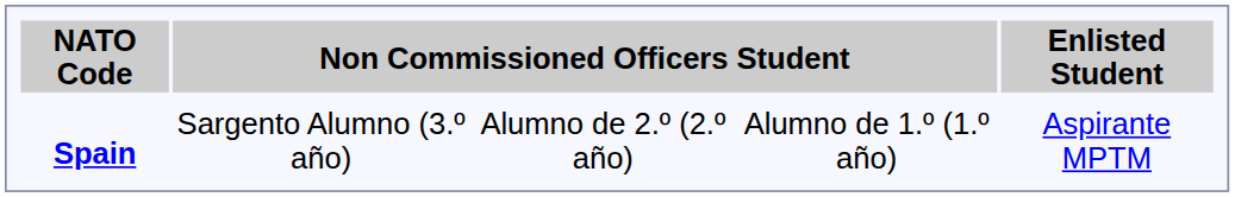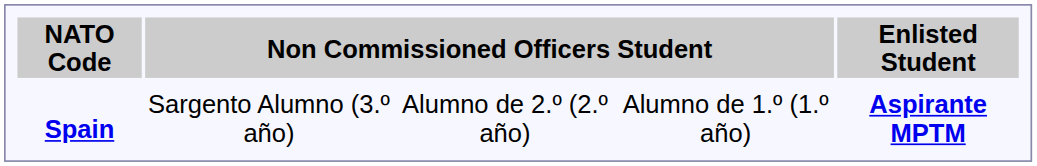 <table style="border:1px solid #8888aa; background-color:#f7f8ff; padding:5px; font-size:95%; margin: 0px 12px 12px 0px;">
 <tr bgcolor="#CCCCCC">
 <th><strong>NATO Code</strong></th>
 <th colspan=3>Non Commissioned Officers Student</th>
 <th colspan=1>Enlisted Student</th>
 </tr>
 <tr style="text-align:center;">
 <td rowspan=2><br><strong><a href='#'>Spain</a></strong></td>
 <td></td>
 <td></td>
 <td></td>
 <td></td>
 </tr>
 <tr style="text-align:center;">
 <td>Sargento Alumno (3.º año)</td>
 <td>Alumno de 2.º (2.º año)</td>
 <td>Alumno de 1.º (1.º año)</td>
-<td><a href='#'>Aspirante MPTM</a></td>
+<td><strong><a href='#'>Aspirante MPTM</a></strong></td>
 </tr>
 </table>
